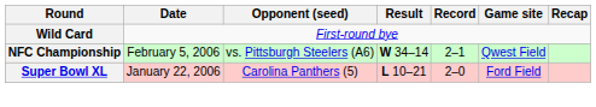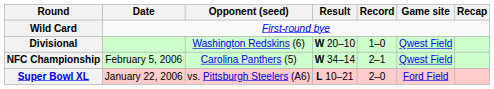 <table class="wikitable" style="text-align:center">
 <tr>
 <th>Round</th>
 <th>Date</th>
 <th>Opponent (seed)</th>
 <th>Result</th>
 <th>Record</th>
 <th>Game site</th>
 <th>Recap</th>
 </tr>
 <tr>
 <th>Wild Card</th>
 <td colspan="6"><em><a href='#'>First-round bye</a></em></td>
 </tr>
 <tr style="background:#cfc">
+<th>Divisional</th>
+<td></td>
+<td><a href='#'>Washington Redskins</a> (6)</td>
+<td><strong>W</strong> 20–10</td>
+<td>1–0</td>
+<td><a href='#'>Qwest Field</a></td>
+<td></td>
+</tr>
+<tr style="background:#cfc">
 <th>NFC Championship</th>
 <td>February 5, 2006</td>
-<td>vs. <a href='#'>Pittsburgh Steelers</a> (A6)</td>
+<td><a href='#'>Carolina Panthers</a> (5)</td>
 <td><strong>W</strong> 34–14</td>
 <td>2–1</td>
 <td><a href='#'>Qwest Field</a></td>
 <td></td>
 </tr>
 <tr style="background:#fcc">
 <th><a href='#'>Super Bowl XL</a></th>
 <td>January 22, 2006</td>
-<td><a href='#'>Carolina Panthers</a> (5)</td>
+<td>vs. <a href='#'>Pittsburgh Steelers</a> (A6)</td>
 <td><strong>L</strong> 10–21</td>
 <td>2–0</td>
 <td><a href='#'>Ford Field</a></td>
 <td></td>
 </tr>
 </table>
